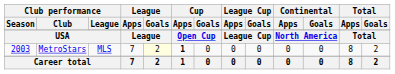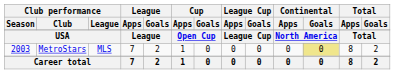 <table class="wikitable" style="text-align:center">
 <tr>
 <th colspan=3>Club performance</th>
 <th colspan=2>League</th>
 <th colspan=2>Cup</th>
 <th colspan=2>League Cup</th>
 <th colspan=2>Continental</th>
 <th colspan=2>Total</th>
 </tr>
 <tr>
 <th>Season</th>
 <th>Club</th>
 <th>League</th>
 <th>Apps</th>
 <th>Goals</th>
 <th>Apps</th>
 <th>Goals</th>
 <th>Apps</th>
 <th>Goals</th>
 <th>Apps</th>
 <th>Goals</th>
 <th>Apps</th>
 <th>Goals</th>
 </tr>
 <tr>
 </tr>
 <tr>
 <th colspan=3>USA</th>
 <th colspan=2>League</th>
 <th colspan=2><a href='#'>Open Cup</a></th>
 <th colspan=2>League Cup</th>
 <th colspan=2><a href='#'>North America</a></th>
 <th colspan=2>Total</th>
 </tr>
 <tr>
 <td><a href='#'>2003</a></td>
 <td><a href='#'>MetroStars</a></td>
 <td><a href='#'>MLS</a></td>
 <td>7</td>
-<td style="background: lightyellow;">2</td>
-<td><strong>1</strong></td>
+<td>2</td>
+<td>1</td>
 <td>0</td>
 <td>0</td>
 <td>0</td>
 <td>0</td>
-<td>0</td>
+<td style="background: khaki;">0</td>
 <td>8</td>
 <td>2</td>
 </tr>
 <tr>
 </tr>
 <tr>
 <th colspan=3>Career total</th>
 <th>7</th>
 <th>2</th>
 <th>1</th>
 <th>0</th>
 <th>0</th>
 <th>0</th>
 <th>0</th>
 <th>0</th>
 <th>8</th>
 <th>2</th>
 </tr>
 </table>
